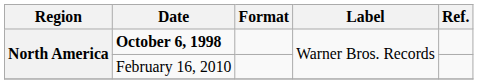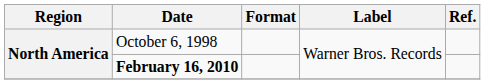 <table class="wikitable plainrowheaders">
 <tr>
 <th scope="col">Region</th>
 <th scope="col">Date</th>
 <th scope="col">Format</th>
 <th scope="col">Label</th>
 <th scope="col">Ref.</th>
 </tr>
 <tr>
 <th scope="row" rowspan="2">North America</th>
-<td><strong>October 6, 1998</strong></td>
+<td>October 6, 1998</td>
 <td></td>
 <td rowspan="2">Warner Bros. Records</td>
 <td></td>
 </tr>
 <tr>
-<td>February 16, 2010</td>
+<td><strong>February 16, 2010</strong></td>
 <td></td>
 <td></td>
 </tr>
 <tr>
 </tr>
 </table>
